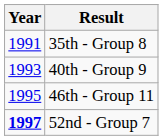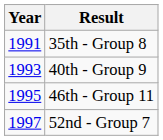 <table class="wikitable">
 <tr>
 <th>Year</th>
 <th>Result</th>
 </tr>
 <tr>
 <td><a href='#'>1991</a></td>
 <td>35th - Group 8</td>
 </tr>
 <tr>
 <td><a href='#'>1993</a></td>
 <td>40th - Group 9</td>
 </tr>
 <tr>
 <td><a href='#'>1995</a></td>
 <td>46th - Group 11</td>
 </tr>
 <tr>
-<td><strong><a href='#'>1997</a></strong></td>
+<td><a href='#'>1997</a></td>
 <td>52nd - Group 7</td>
 </tr>
 </table>
